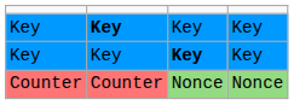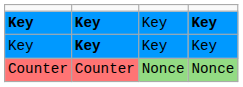 <table class="wikitable">
 <tr>
 <td></td>
 <td></td>
 <td></td>
 <td></td>
 </tr>
 <tr>
+<td style="background:#0099ff"><strong>Key</strong></td>
+<td style="background:#0099ff"><strong>Key</strong></td>
+<td style="background:#0099ff">Key</td>
+<td style="background:#0099ff"><strong>Key</strong></td>
+</tr>
+<tr>
 <td style="background:#0099ff">Key</td>
 <td style="background:#0099ff"><strong>Key</strong></td>
 <td style="background:#0099ff">Key</td>
-<td style="background:#0099ff">Key</td>
-</tr>
-<tr>
-<td style="background:#0099ff">Key</td>
-<td style="background:#0099ff">Key</td>
-<td style="background:#0099ff"><strong>Key</strong></td>
 <td style="background:#0099ff">Key</td>
 </tr>
 <tr>
 <td style="background:#ff7474">Counter</td>
 <td style="background:#ff7474">Counter</td>
 <td style="background:#93db83">Nonce</td>
 <td style="background:#93db83">Nonce</td>
 </tr>
 </table>
